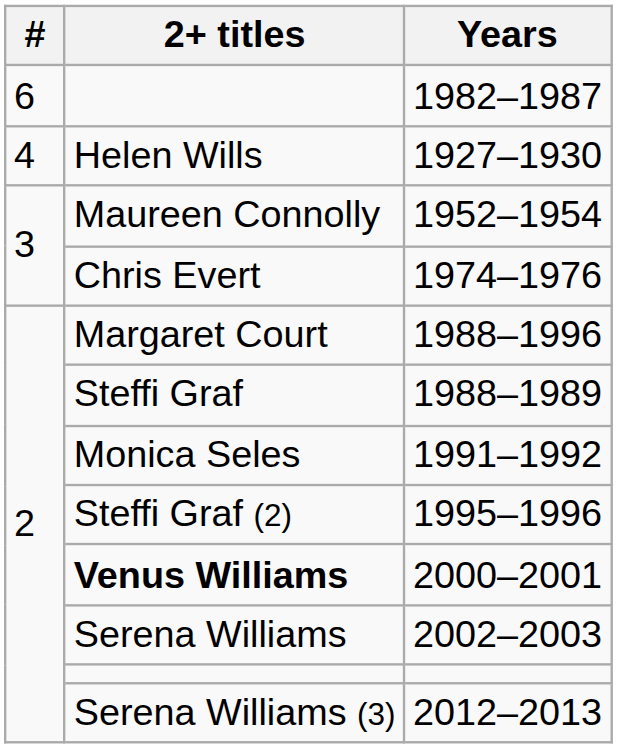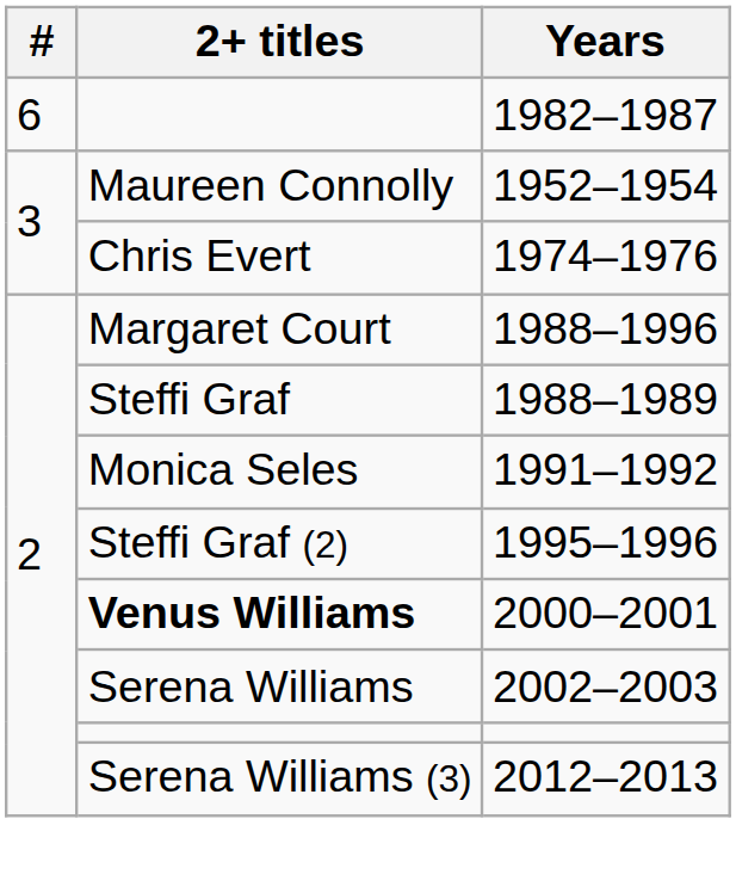 <table class="wikitable" style="display:inline-table;">
 <tr>
 <th style="width:18px;">#</th>
 <th>2+ titles</th>
 <th>Years</th>
 </tr>
 <tr>
 <td>6</td>
 <td></td>
 <td>1982–1987</td>
-</tr>
-<tr>
-<td>4</td>
-<td> Helen Wills</td>
-<td>1927–1930</td>
 </tr>
 <tr>
 <td rowspan="2">3</td>
 <td> Maureen Connolly</td>
 <td>1952–1954</td>
 </tr>
 <tr>
 <td> Chris Evert</td>
 <td>1974–1976</td>
 </tr>
 <tr>
 <td rowspan="8">2</td>
 <td> Margaret Court</td>
 <td>1988–1996</td>
 </tr>
 <tr>
 <td> Steffi Graf</td>
 <td>1988–1989</td>
 </tr>
 <tr>
 <td> Monica Seles</td>
 <td>1991–1992</td>
 </tr>
 <tr>
 <td> Steffi Graf <small>(2)</small></td>
 <td>1995–1996</td>
 </tr>
 <tr>
 <td> <strong>Venus Williams</strong></td>
 <td>2000–2001</td>
 </tr>
 <tr>
 <td> Serena Williams</td>
 <td>2002–2003</td>
 </tr>
 <tr>
 <td></td>
 <td></td>
 </tr>
 <tr>
 <td> Serena Williams <small>(3)</small></td>
 <td>2012–2013</td>
 </tr>
 </table>
